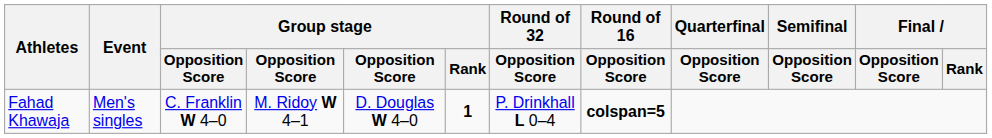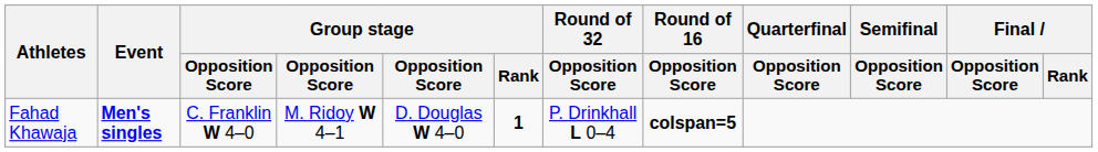 <table class=wikitable style=font-size:88%;text-align:center>
 <tr>
 <th rowspan=2>Athletes</th>
 <th rowspan=2>Event</th>
 <th colspan=4>Group stage</th>
 <th>Round of 32</th>
 <th>Round of 16</th>
 <th>Quarterfinal</th>
 <th>Semifinal</th>
 <th colspan=2>Final / </th>
 </tr>
 <tr style=font-size:95%>
 <th>Opposition<br>Score</th>
 <th>Opposition<br>Score</th>
 <th>Opposition<br>Score</th>
 <th>Rank</th>
 <th>Opposition<br>Score</th>
 <th>Opposition<br>Score</th>
 <th>Opposition<br>Score</th>
 <th>Opposition<br>Score</th>
 <th>Opposition<br>Score</th>
 <th>Rank</th>
 </tr>
 <tr>
 <td align=left><a href='#'>Fahad Khawaja</a></td>
-<td align=left><a href='#'>Men's singles</a></td>
+<td align=left><strong><a href='#'>Men's singles</a></strong></td>
 <td> <a href='#'>C. Franklin</a><br><strong>W</strong> 4–0</td>
 <td> <a href='#'>M. Ridoy</a> <strong>W</strong> 4–1</td>
 <td> <a href='#'>D. Douglas</a> <strong>W</strong> 4–0</td>
 <td><strong>1</strong></td>
 <td> <a href='#'>P. Drinkhall</a><br><strong>L</strong> 0–4</td>
 <td><strong>colspan=5 </strong></td>
 </tr>
 </table>
